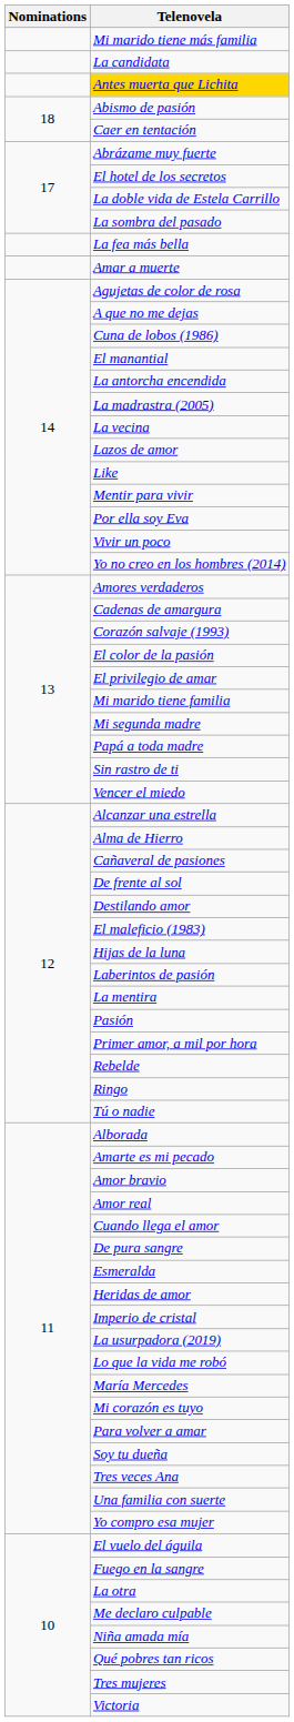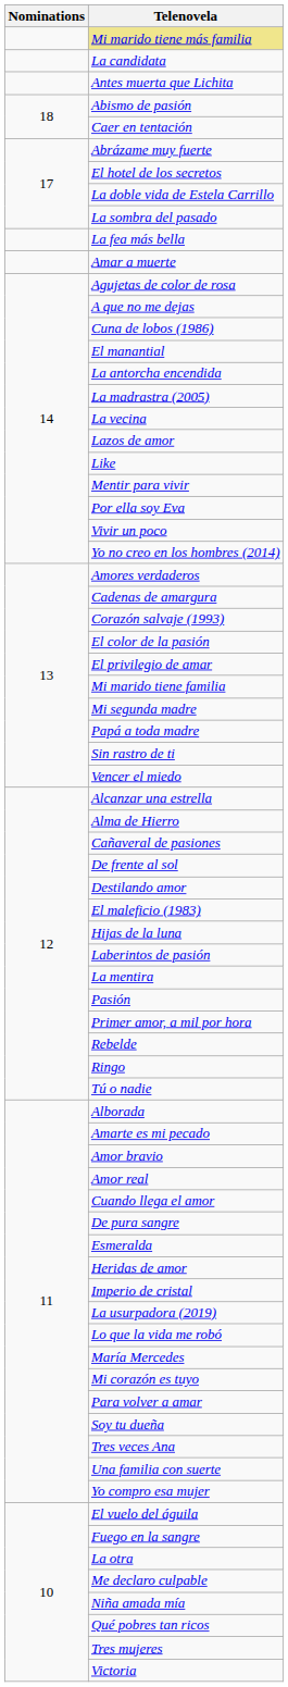 <table class="wikitable">
 <tr style="background:#b0c4de; text-align:center;">
 <th>Nominations</th>
 <th>Telenovela</th>
 </tr>
 <tr>
 <td></td>
-<td><em><a href='#'>Mi marido tiene más familia</a></em></td>
+<td style="background: khaki;"><em><a href='#'>Mi marido tiene más familia</a></em></td>
 </tr>
 <tr>
 <td></td>
 <td><em><a href='#'>La candidata</a></em></td>
 </tr>
 <tr>
 <td></td>
-<td style="background: gold;"><em><a href='#'>Antes muerta que Lichita</a></em></td>
+<td><em><a href='#'>Antes muerta que Lichita</a></em></td>
 </tr>
 <tr>
 <td rowspan=2 style="text-align:center;">18</td>
 <td><em><a href='#'>Abismo de pasión</a></em></td>
 </tr>
 <tr>
 <td><em><a href='#'>Caer en tentación</a></em></td>
 </tr>
 <tr>
 <td rowspan=4 style="text-align:center;">17</td>
 <td><em><a href='#'>Abrázame muy fuerte</a></em></td>
 </tr>
 <tr>
 <td><em><a href='#'>El hotel de los secretos</a></em></td>
 </tr>
 <tr>
 <td><em><a href='#'>La doble vida de Estela Carrillo</a></em></td>
 </tr>
 <tr>
 <td><em><a href='#'>La sombra del pasado</a></em></td>
 </tr>
 <tr>
 <td></td>
 <td><em><a href='#'>La fea más bella</a></em></td>
 </tr>
 <tr>
 <td></td>
 <td><em><a href='#'>Amar a muerte</a></em></td>
 </tr>
 <tr>
 <td rowspan=13 style="text-align:center;">14</td>
 <td><em><a href='#'>Agujetas de color de rosa</a></em></td>
 </tr>
 <tr>
 <td><em><a href='#'>A que no me dejas</a></em></td>
 </tr>
 <tr>
 <td><em><a href='#'>Cuna de lobos (1986)</a></em></td>
 </tr>
 <tr>
 <td><em><a href='#'>El manantial</a></em></td>
 </tr>
 <tr>
 <td><em><a href='#'>La antorcha encendida</a></em></td>
 </tr>
 <tr>
 <td><em><a href='#'>La madrastra (2005)</a></em></td>
 </tr>
 <tr>
 <td><em><a href='#'>La vecina</a></em></td>
 </tr>
 <tr>
 <td><em><a href='#'>Lazos de amor</a></em></td>
 </tr>
 <tr>
 <td><em><a href='#'>Like</a></em></td>
 </tr>
 <tr>
 <td><em><a href='#'>Mentir para vivir</a></em></td>
 </tr>
 <tr>
 <td><em><a href='#'>Por ella soy Eva</a></em></td>
 </tr>
 <tr>
 <td><em><a href='#'>Vivir un poco</a></em></td>
 </tr>
 <tr>
 <td><em><a href='#'>Yo no creo en los hombres (2014)</a></em></td>
 </tr>
 <tr>
 <td rowspan=10 style="text-align:center;">13</td>
 <td><em><a href='#'>Amores verdaderos</a></em></td>
 </tr>
 <tr>
 <td><em><a href='#'>Cadenas de amargura</a></em></td>
 </tr>
 <tr>
 <td><em><a href='#'>Corazón salvaje (1993)</a></em></td>
 </tr>
 <tr>
 <td><em><a href='#'>El color de la pasión</a></em></td>
 </tr>
 <tr>
 <td><em><a href='#'>El privilegio de amar</a></em></td>
 </tr>
 <tr>
 <td><em><a href='#'>Mi marido tiene familia</a></em></td>
 </tr>
 <tr>
 <td><em><a href='#'>Mi segunda madre</a></em></td>
 </tr>
 <tr>
 <td><em><a href='#'>Papá a toda madre</a></em></td>
 </tr>
 <tr>
 <td><em><a href='#'>Sin rastro de ti</a></em></td>
 </tr>
 <tr>
 <td><em><a href='#'>Vencer el miedo</a></em></td>
 </tr>
 <tr>
 <td rowspan=14 style="text-align:center;">12</td>
 <td><em><a href='#'>Alcanzar una estrella</a></em></td>
 </tr>
 <tr>
 <td><em><a href='#'>Alma de Hierro</a></em></td>
 </tr>
 <tr>
 <td><em><a href='#'>Cañaveral de pasiones</a></em></td>
 </tr>
 <tr>
 <td><em><a href='#'>De frente al sol</a></em></td>
 </tr>
 <tr>
 <td><em><a href='#'>Destilando amor</a></em></td>
 </tr>
 <tr>
 <td><em><a href='#'>El maleficio (1983)</a></em></td>
 </tr>
 <tr>
 <td><em><a href='#'>Hijas de la luna</a></em></td>
 </tr>
 <tr>
 <td><em><a href='#'>Laberintos de pasión</a></em></td>
 </tr>
 <tr>
 <td><em><a href='#'>La mentira</a></em></td>
 </tr>
 <tr>
 <td><em><a href='#'>Pasión</a></em></td>
 </tr>
 <tr>
 <td><em><a href='#'>Primer amor, a mil por hora</a></em></td>
 </tr>
 <tr>
 <td><em><a href='#'>Rebelde</a></em></td>
 </tr>
 <tr>
 <td><em><a href='#'>Ringo</a></em></td>
 </tr>
 <tr>
 <td><em><a href='#'>Tú o nadie</a></em></td>
 </tr>
 <tr>
 <td rowspan=18 style="text-align:center;">11</td>
 <td><em><a href='#'>Alborada</a></em></td>
 </tr>
 <tr>
 <td><em><a href='#'>Amarte es mi pecado</a></em></td>
 </tr>
 <tr>
 <td><em><a href='#'>Amor bravio</a></em></td>
 </tr>
 <tr>
 <td><em><a href='#'>Amor real</a></em></td>
 </tr>
 <tr>
 <td><em><a href='#'>Cuando llega el amor</a></em></td>
 </tr>
 <tr>
 <td><em><a href='#'>De pura sangre</a></em></td>
 </tr>
 <tr>
 <td><em><a href='#'>Esmeralda</a></em></td>
 </tr>
 <tr>
 <td><em><a href='#'>Heridas de amor</a></em></td>
 </tr>
 <tr>
 <td><em><a href='#'>Imperio de cristal</a></em></td>
 </tr>
 <tr>
 <td><em><a href='#'>La usurpadora (2019)</a></em></td>
 </tr>
 <tr>
 <td><em><a href='#'>Lo que la vida me robó</a></em></td>
 </tr>
 <tr>
 <td><em><a href='#'>María Mercedes</a></em></td>
 </tr>
 <tr>
 <td><em><a href='#'>Mi corazón es tuyo</a></em></td>
 </tr>
 <tr>
 <td><em><a href='#'>Para volver a amar</a></em></td>
 </tr>
 <tr>
 <td><em><a href='#'>Soy tu dueña</a></em></td>
 </tr>
 <tr>
 <td><em><a href='#'>Tres veces Ana</a></em></td>
 </tr>
 <tr>
 <td><em><a href='#'>Una familia con suerte</a></em></td>
 </tr>
 <tr>
 <td><em><a href='#'>Yo compro esa mujer</a></em></td>
 </tr>
 <tr>
 <td rowspan=8 style="text-align:center;">10</td>
 <td><em><a href='#'>El vuelo del águila</a></em></td>
 </tr>
 <tr>
 <td><em><a href='#'>Fuego en la sangre</a></em></td>
 </tr>
 <tr>
 <td><em><a href='#'>La otra</a></em></td>
 </tr>
 <tr>
 <td><em><a href='#'>Me declaro culpable</a></em></td>
 </tr>
 <tr>
 <td><em><a href='#'>Niña amada mía</a></em></td>
 </tr>
 <tr>
 <td><em><a href='#'>Qué pobres tan ricos</a></em></td>
 </tr>
 <tr>
 <td><em><a href='#'>Tres mujeres</a></em></td>
 </tr>
 <tr>
 <td><em><a href='#'>Victoria</a></em></td>
 </tr>
 </table>
